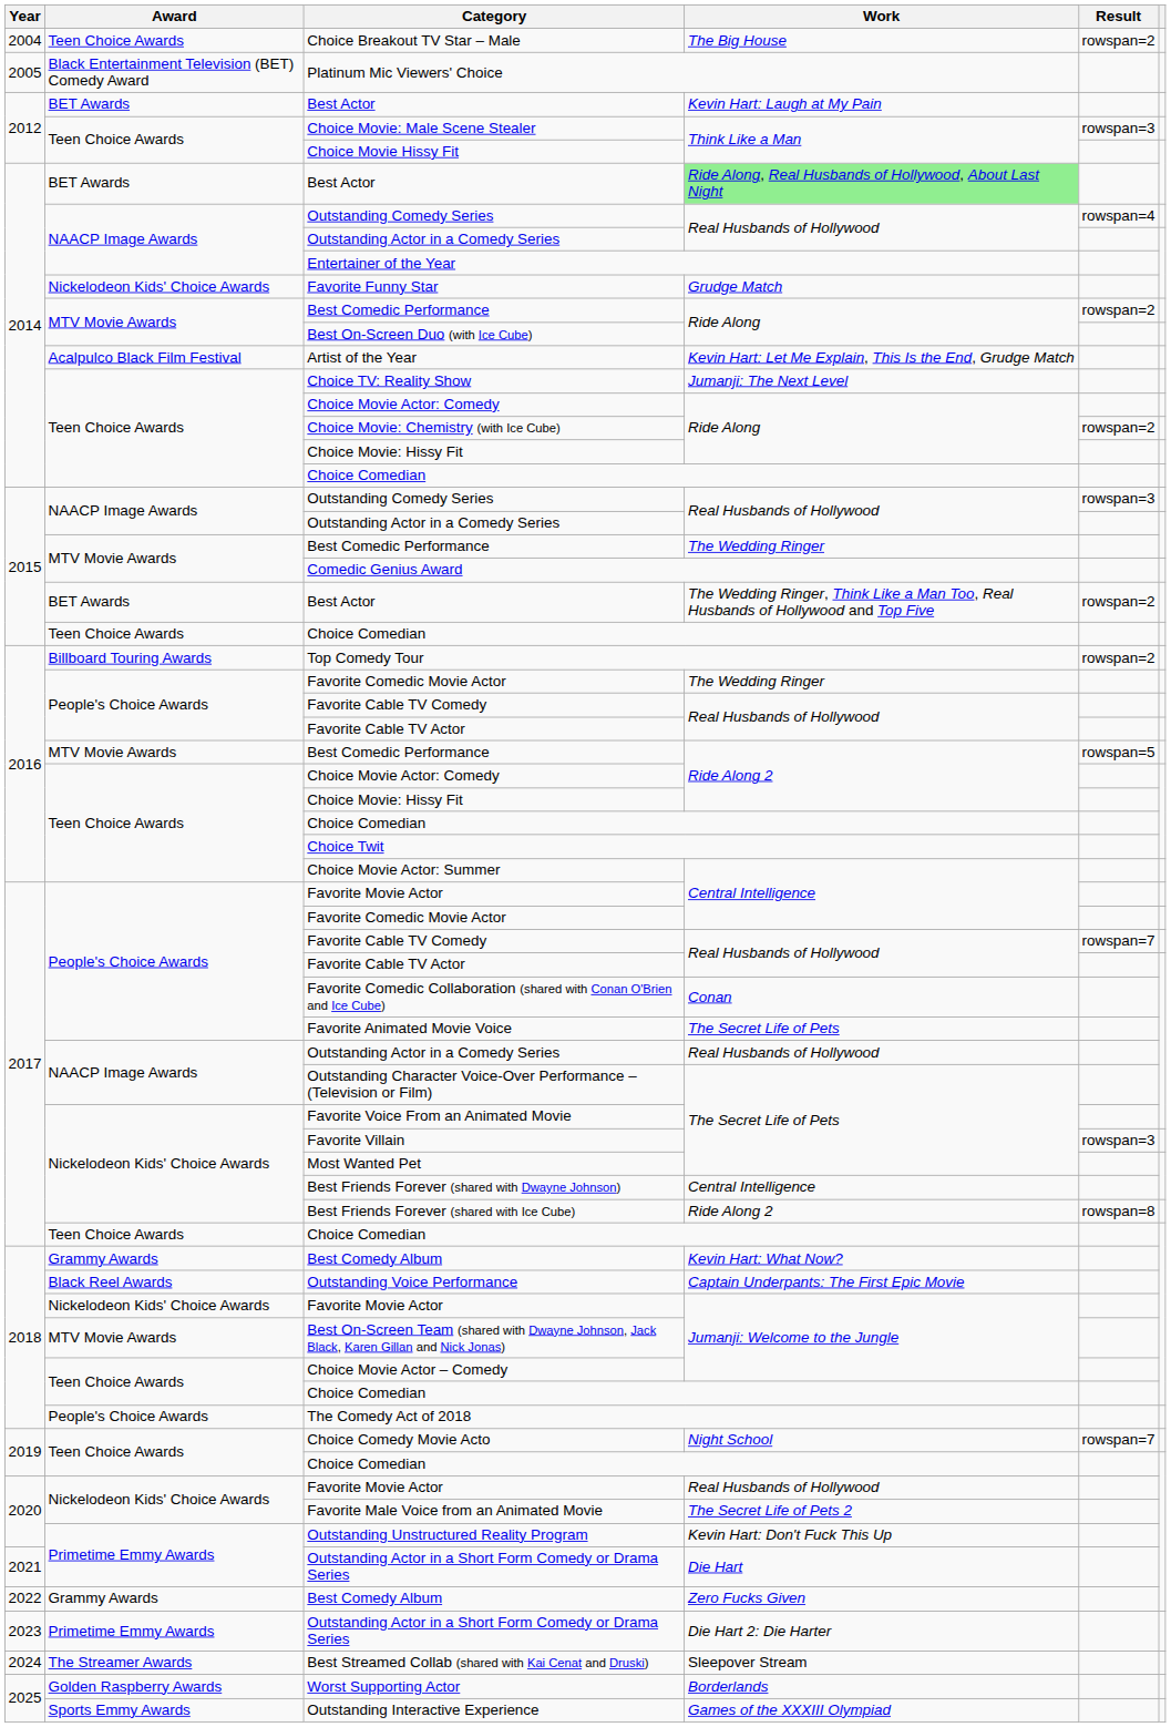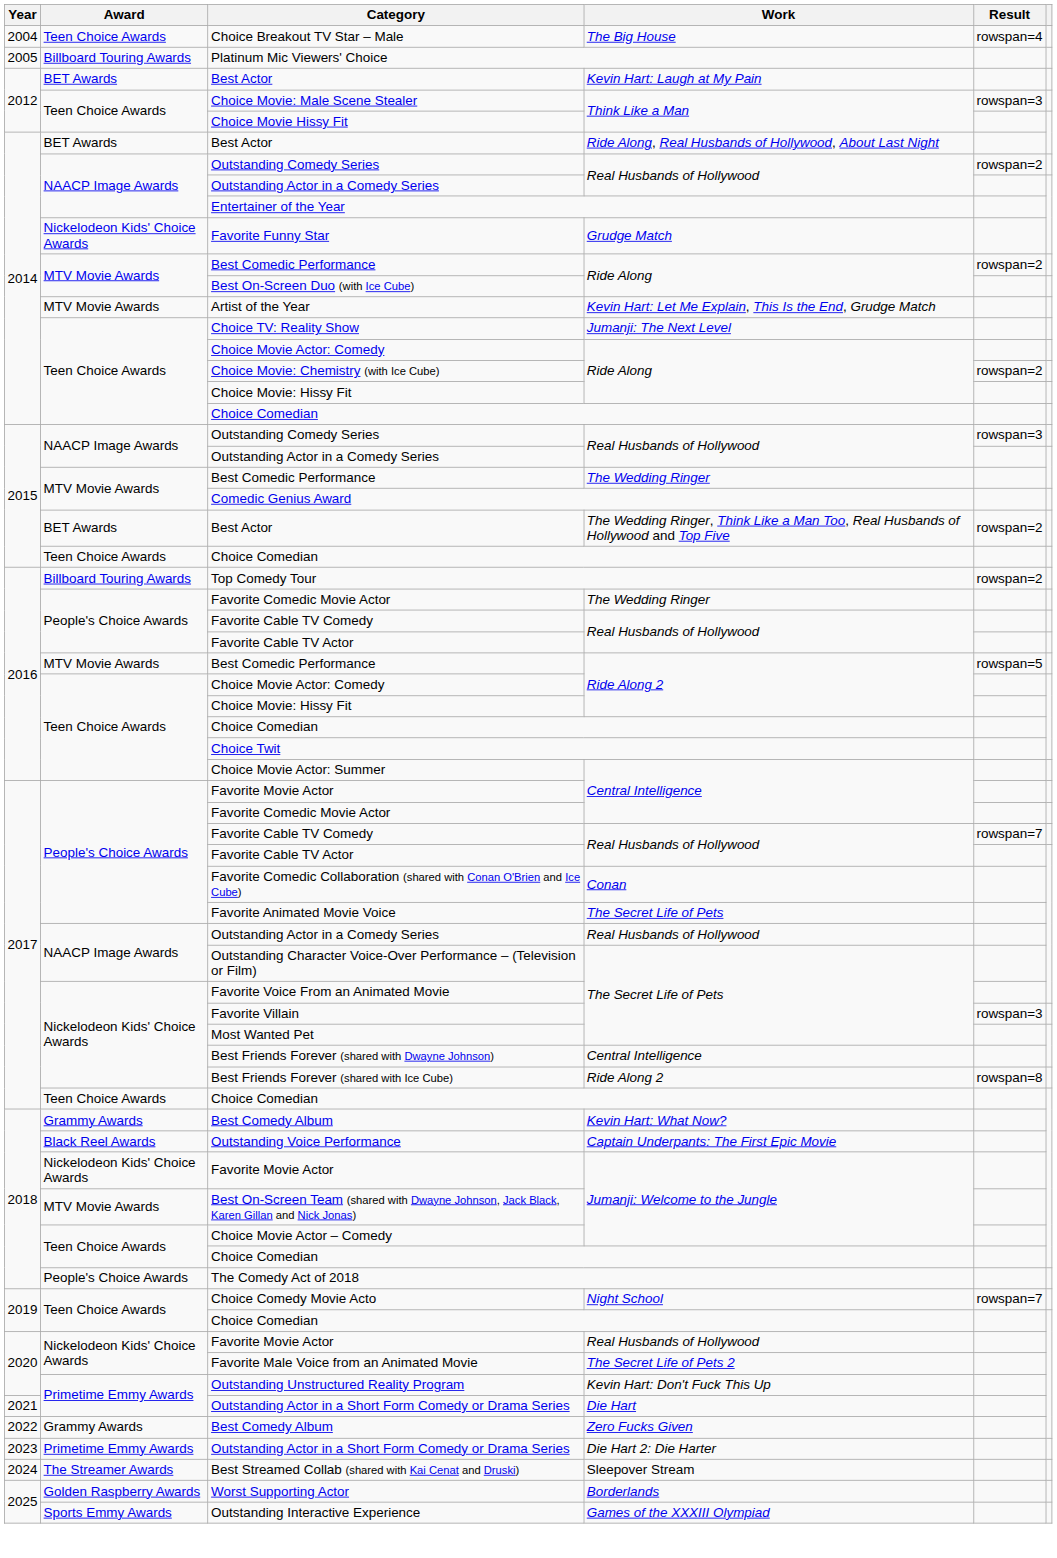 <table class="wikitable sortable">
 <tr>
 <th>Year</th>
 <th>Award</th>
 <th>Category</th>
 <th>Work</th>
 <th>Result</th>
 <th></th>
 </tr>
 <tr>
 <td>2004</td>
 <td><a href='#'>Teen Choice Awards</a></td>
 <td>Choice Breakout TV Star – Male</td>
 <td><em><a href='#'>The Big House</a></em></td>
-<td>rowspan=2 </td>
+<td>rowspan=4 </td>
 <td></td>
 </tr>
 <tr>
 <td>2005</td>
-<td><a href='#'>Black Entertainment Television</a> (BET) Comedy Award</td>
+<td><a href='#'>Billboard Touring Awards</a></td>
 <td colspan="2">Platinum Mic Viewers' Choice</td>
 <td></td>
 </tr>
 <tr>
 <td rowspan=3>2012</td>
 <td><a href='#'>BET Awards</a></td>
 <td><a href='#'>Best Actor</a></td>
 <td><em><a href='#'>Kevin Hart: Laugh at My Pain</a></em></td>
 <td></td>
 <td></td>
 </tr>
 <tr>
 <td rowspan=2>Teen Choice Awards</td>
 <td><a href='#'>Choice Movie: Male Scene Stealer</a></td>
 <td rowspan=2><em><a href='#'>Think Like a Man</a></em></td>
 <td>rowspan=3 </td>
 <td></td>
 </tr>
 <tr>
 <td><a href='#'>Choice Movie Hissy Fit</a></td>
 <td></td>
 </tr>
 <tr>
 <td rowspan=13>2014</td>
 <td>BET Awards</td>
 <td>Best Actor</td>
-<td style="background: lightgreen;"><em><a href='#'>Ride Along</a></em>, <em><a href='#'>Real Husbands of Hollywood</a></em>, <em><a href='#'>About Last Night</a></em></td>
+<td><em><a href='#'>Ride Along</a></em>, <em><a href='#'>Real Husbands of Hollywood</a></em>, <em><a href='#'>About Last Night</a></em></td>
 <td></td>
 </tr>
 <tr>
 <td rowspan=3><a href='#'>NAACP Image Awards</a></td>
 <td><a href='#'>Outstanding Comedy Series</a></td>
 <td rowspan=2><em>Real Husbands of Hollywood</em></td>
-<td>rowspan=4 </td>
+<td>rowspan=2 </td>
 <td></td>
 </tr>
 <tr>
 <td><a href='#'>Outstanding Actor in a Comedy Series</a></td>
 <td></td>
 </tr>
 <tr>
 <td colspan=2><a href='#'>Entertainer of the Year</a></td>
 <td></td>
 </tr>
 <tr>
 <td><a href='#'>Nickelodeon Kids' Choice Awards</a></td>
 <td><a href='#'>Favorite Funny Star</a></td>
 <td><em><a href='#'>Grudge Match</a></em></td>
 <td></td>
 </tr>
 <tr>
 <td rowspan=2><a href='#'>MTV Movie Awards</a></td>
 <td><a href='#'>Best Comedic Performance</a></td>
 <td rowspan=2><em>Ride Along</em></td>
 <td>rowspan=2 </td>
 <td></td>
 </tr>
 <tr>
 <td><a href='#'>Best On-Screen Duo</a> <small>(with <a href='#'>Ice Cube</a>)</small></td>
 <td></td>
 </tr>
 <tr>
-<td><a href='#'>Acalpulco Black Film Festival</a></td>
+<td>MTV Movie Awards</td>
 <td>Artist of the Year</td>
 <td><em><a href='#'>Kevin Hart: Let Me Explain</a></em>, <em><a href='#'>This Is the End</a></em>, <em>Grudge Match</em></td>
 <td></td>
 <td></td>
 </tr>
 <tr>
 <td rowspan=5>Teen Choice Awards</td>
 <td><a href='#'>Choice TV: Reality Show</a></td>
 <td><em><a href='#'>Jumanji: The Next Level</a></em></td>
 <td></td>
 <td></td>
 </tr>
 <tr>
 <td><a href='#'>Choice Movie Actor: Comedy</a></td>
 <td rowspan=3><em>Ride Along</em></td>
 <td></td>
 <td></td>
 </tr>
 <tr>
 <td><a href='#'>Choice Movie: Chemistry</a> <small>(with Ice Cube)</small></td>
 <td>rowspan=2 </td>
 <td></td>
 </tr>
 <tr>
 <td>Choice Movie: Hissy Fit</td>
 <td></td>
 </tr>
 <tr>
 <td colspan=2><a href='#'>Choice Comedian</a></td>
 <td></td>
 <td></td>
 </tr>
 <tr>
 <td rowspan=6>2015</td>
 <td rowspan=2>NAACP Image Awards</td>
 <td>Outstanding Comedy Series</td>
 <td rowspan=2><em>Real Husbands of Hollywood</em></td>
 <td>rowspan=3 </td>
 <td></td>
 </tr>
 <tr>
 <td>Outstanding Actor in a Comedy Series</td>
 <td></td>
 </tr>
 <tr>
 <td rowspan=2>MTV Movie Awards</td>
 <td>Best Comedic Performance</td>
 <td><em><a href='#'>The Wedding Ringer</a></em></td>
 <td></td>
 </tr>
 <tr>
 <td colspan=2><a href='#'>Comedic Genius Award</a></td>
 <td></td>
 <td></td>
 </tr>
 <tr>
 <td>BET Awards</td>
 <td>Best Actor</td>
 <td><em>The Wedding Ringer</em>, <em><a href='#'>Think Like a Man Too</a></em>, <em>Real Husbands of Hollywood</em> and <em><a href='#'>Top Five</a></em></td>
 <td>rowspan=2 </td>
 <td></td>
 </tr>
 <tr>
 <td>Teen Choice Awards</td>
 <td colspan=2>Choice Comedian</td>
 <td></td>
 </tr>
 <tr>
 <td rowspan=10>2016</td>
 <td><a href='#'>Billboard Touring Awards</a></td>
 <td colspan=2>Top Comedy Tour</td>
 <td>rowspan=2 </td>
 <td></td>
 </tr>
 <tr>
 <td rowspan=3>People's Choice Awards</td>
 <td>Favorite Comedic Movie Actor</td>
 <td><em>The Wedding Ringer</em></td>
 <td></td>
 </tr>
 <tr>
 <td>Favorite Cable TV Comedy</td>
 <td rowspan=2><em>Real Husbands of Hollywood</em></td>
 <td></td>
 <td></td>
 </tr>
 <tr>
 <td>Favorite Cable TV Actor</td>
 <td></td>
 <td></td>
 </tr>
 <tr>
 <td>MTV Movie Awards</td>
 <td>Best Comedic Performance</td>
 <td rowspan=3><em><a href='#'>Ride Along 2</a></em></td>
 <td>rowspan=5 </td>
 <td></td>
 </tr>
 <tr>
 <td rowspan=5>Teen Choice Awards</td>
 <td>Choice Movie Actor: Comedy</td>
 <td></td>
 </tr>
 <tr>
 <td>Choice Movie: Hissy Fit</td>
 <td></td>
 </tr>
 <tr>
 <td colspan=2>Choice Comedian</td>
 <td></td>
 </tr>
 <tr>
 <td colspan=2><a href='#'>Choice Twit</a></td>
 <td></td>
 </tr>
 <tr>
 <td>Choice Movie Actor: Summer</td>
 <td rowspan=3><em><a href='#'>Central Intelligence</a></em></td>
 <td></td>
 <td></td>
 </tr>
 <tr>
 <td rowspan=14>2017</td>
 <td rowspan=6><a href='#'>People's Choice Awards</a></td>
 <td>Favorite Movie Actor</td>
 <td></td>
 <td></td>
 </tr>
 <tr>
 <td>Favorite Comedic Movie Actor</td>
 <td></td>
 <td></td>
 </tr>
 <tr>
 <td>Favorite Cable TV Comedy</td>
 <td rowspan=2><em>Real Husbands of Hollywood</em></td>
 <td>rowspan=7 </td>
 <td></td>
 </tr>
 <tr>
 <td>Favorite Cable TV Actor</td>
 <td></td>
 </tr>
 <tr>
 <td>Favorite Comedic Collaboration <small>(shared with <a href='#'>Conan O'Brien</a> and <a href='#'>Ice Cube</a>)</small></td>
 <td><em><a href='#'>Conan</a></em></td>
 <td></td>
 </tr>
 <tr>
 <td>Favorite Animated Movie Voice</td>
 <td><em><a href='#'>The Secret Life of Pets</a></em></td>
 <td></td>
 </tr>
 <tr>
 <td rowspan=2>NAACP Image Awards</td>
 <td>Outstanding Actor in a Comedy Series</td>
 <td><em>Real Husbands of Hollywood</em></td>
 <td></td>
 </tr>
 <tr>
 <td>Outstanding Character Voice-Over Performance – (Television or Film)</td>
 <td rowspan=4><em>The Secret Life of Pets</em></td>
 <td></td>
 </tr>
 <tr>
 <td rowspan=5>Nickelodeon Kids' Choice Awards</td>
 <td>Favorite Voice From an Animated Movie</td>
 <td></td>
 </tr>
 <tr>
 <td>Favorite Villain</td>
 <td>rowspan=3 </td>
 <td></td>
 </tr>
 <tr>
 <td>Most Wanted Pet</td>
 <td></td>
 </tr>
 <tr>
 <td>Best Friends Forever <small>(shared with <a href='#'>Dwayne Johnson</a>)</small></td>
 <td><em>Central Intelligence</em></td>
 <td></td>
 </tr>
 <tr>
 <td>Best Friends Forever <small>(shared with Ice Cube)</small></td>
 <td><em>Ride Along 2</em></td>
 <td>rowspan=8 </td>
 <td></td>
 </tr>
 <tr>
 <td>Teen Choice Awards</td>
 <td colspan=2>Choice Comedian</td>
 <td></td>
 </tr>
 <tr>
 <td rowspan=7>2018</td>
 <td><a href='#'>Grammy Awards</a></td>
 <td><a href='#'>Best Comedy Album</a></td>
 <td><em><a href='#'>Kevin Hart: What Now?</a></em></td>
 <td></td>
 </tr>
 <tr>
 <td><a href='#'>Black Reel Awards</a></td>
 <td><a href='#'>Outstanding Voice Performance</a></td>
 <td><em><a href='#'>Captain Underpants: The First Epic Movie</a></em></td>
 <td></td>
 </tr>
 <tr>
 <td>Nickelodeon Kids' Choice Awards</td>
 <td>Favorite Movie Actor</td>
 <td rowspan=3><em><a href='#'>Jumanji: Welcome to the Jungle</a></em></td>
 <td></td>
 </tr>
 <tr>
 <td>MTV Movie Awards</td>
 <td><a href='#'>Best On-Screen Team</a> <small>(shared with <a href='#'>Dwayne Johnson</a>, <a href='#'>Jack Black</a>, <a href='#'>Karen Gillan</a> and <a href='#'>Nick Jonas</a>)</small></td>
 <td></td>
 </tr>
 <tr>
 <td rowspan=2>Teen Choice Awards</td>
 <td>Choice Movie Actor – Comedy</td>
 <td></td>
 </tr>
 <tr>
 <td colspan=2>Choice Comedian</td>
 <td></td>
 </tr>
 <tr>
 <td>People's Choice Awards</td>
 <td colspan=2>The Comedy Act of 2018</td>
 <td></td>
 <td></td>
 </tr>
 <tr>
 <td rowspan=2>2019</td>
 <td rowspan=2>Teen Choice Awards</td>
 <td>Choice Comedy Movie Acto</td>
 <td><em><a href='#'>Night School</a></em></td>
 <td>rowspan=7 </td>
 <td></td>
 </tr>
 <tr>
 <td colspan=2>Choice Comedian</td>
 <td></td>
 </tr>
 <tr>
 <td rowspan=3>2020</td>
 <td rowspan=2>Nickelodeon Kids' Choice Awards</td>
 <td>Favorite Movie Actor</td>
 <td><em>Real Husbands of Hollywood</em></td>
 <td></td>
 </tr>
 <tr>
 <td>Favorite Male Voice from an Animated Movie</td>
 <td><em><a href='#'>The Secret Life of Pets 2</a></em></td>
 <td></td>
 </tr>
 <tr>
 <td rowspan=2><a href='#'>Primetime Emmy Awards</a></td>
 <td><a href='#'>Outstanding Unstructured Reality Program</a></td>
 <td><em>Kevin Hart: Don't Fuck This Up</em></td>
 <td></td>
 </tr>
 <tr>
 <td>2021</td>
 <td><a href='#'>Outstanding Actor in a Short Form Comedy or Drama Series</a></td>
 <td><em><a href='#'>Die Hart</a></em></td>
 <td></td>
 </tr>
 <tr>
 <td>2022</td>
 <td>Grammy Awards</td>
 <td><a href='#'>Best Comedy Album</a></td>
 <td><em><a href='#'>Zero Fucks Given</a></em></td>
 <td></td>
 </tr>
 <tr>
 <td>2023</td>
 <td><a href='#'>Primetime Emmy Awards</a></td>
 <td><a href='#'>Outstanding Actor in a Short Form Comedy or Drama Series</a></td>
 <td><em>Die Hart 2: Die Harter</em></td>
 <td></td>
 <td></td>
 </tr>
 <tr>
 <td>2024</td>
 <td><a href='#'>The Streamer Awards</a></td>
 <td>Best Streamed Collab <small>(shared with <a href='#'>Kai Cenat</a> and <a href='#'>Druski</a>)</small></td>
 <td>Sleepover Stream</td>
 <td></td>
 <td></td>
 </tr>
 <tr>
 <td rowspan="2">2025</td>
 <td><a href='#'>Golden Raspberry Awards</a></td>
 <td><a href='#'>Worst Supporting Actor</a></td>
 <td><em><a href='#'>Borderlands</a></em></td>
 <td></td>
 <td></td>
 </tr>
 <tr>
 <td><a href='#'>Sports Emmy Awards</a></td>
 <td>Outstanding Interactive Experience</td>
 <td><em><a href='#'>Games of the XXXIII Olympiad</a></em></td>
 <td></td>
 <td></td>
 </tr>
 </table>
